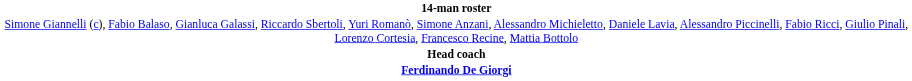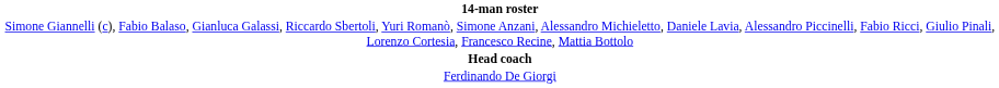 <table style="text-align:center; margin-top:2em; margin-left:auto; margin-right:auto">
 <tr>
 <td><strong>14-man roster</strong></td>
 </tr>
 <tr>
 <td><a href='#'>Simone Giannelli</a> (<a href='#'>c</a>), <a href='#'>Fabio Balaso</a>, <a href='#'>Gianluca Galassi</a>, <a href='#'>Riccardo Sbertoli</a>, <a href='#'>Yuri Romanò</a>, <a href='#'>Simone Anzani</a>, <a href='#'>Alessandro Michieletto</a>, <a href='#'>Daniele Lavia</a>, <a href='#'>Alessandro Piccinelli</a>, <a href='#'>Fabio Ricci</a>, <a href='#'>Giulio Pinali</a>, <a href='#'>Lorenzo Cortesia</a>, <a href='#'>Francesco Recine</a>, <a href='#'>Mattia Bottolo</a></td>
 </tr>
 <tr>
 <td><strong>Head coach</strong></td>
 </tr>
 <tr>
-<td><strong><a href='#'>Ferdinando De Giorgi</a></strong></td>
+<td><a href='#'>Ferdinando De Giorgi</a></td>
 </tr>
 </table>
